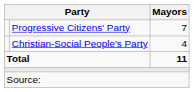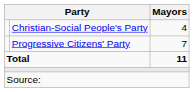 <table class="wikitable" style="text-align:right">
 <tr>
 <th colspan="2">Party</th>
 <th>Mayors</th>
 </tr>
 <tr>
 <td width="1"></td>
-<td align="left"><a href='#'>Progressive Citizens' Party</a></td>
-<td>7</td>
+<td align="left"><a href='#'>Christian-Social People's Party</a></td>
+<td>4</td>
 </tr>
 <tr>
 <td width="1"></td>
-<td align="left"><a href='#'>Christian-Social People's Party</a></td>
-<td>4</td>
+<td align="left"><a href='#'>Progressive Citizens' Party</a></td>
+<td>7</td>
 </tr>
 <tr>
 <td colspan="2" align="left"><strong>Total</strong></td>
 <td><strong>11</strong></td>
 </tr>
 <tr>
 <td colspan="3" style="color:inherit;background:#E9E9E9"></td>
 </tr>
 <tr>
 <td colspan="3" align="left">Source: </td>
 </tr>
 </table>
